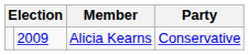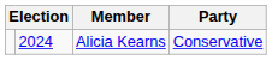 <table class="wikitable">
 <tr>
 <th colspan="2">Election</th>
 <th>Member</th>
 <th>Party</th>
 </tr>
 <tr>
 <td style="color:inherit;background-color: "></td>
-<td><a href='#'>2009</a></td>
+<td><a href='#'>2024</a></td>
 <td><a href='#'>Alicia Kearns</a></td>
 <td><a href='#'>Conservative</a></td>
 </tr>
 </table>
